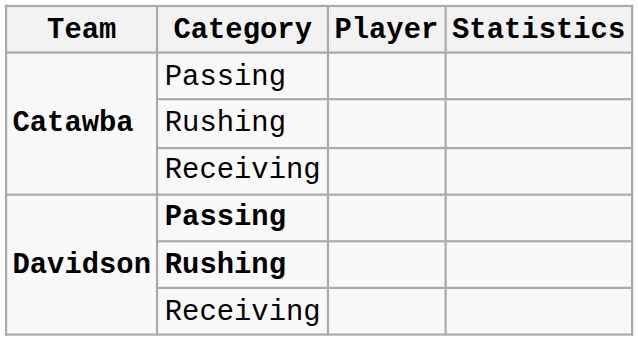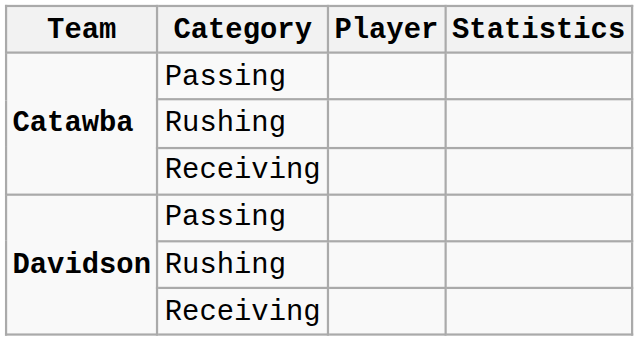 <table class="wikitable" style="float: right;">
 <tr>
 <th>Team</th>
 <th>Category</th>
 <th>Player</th>
 <th>Statistics</th>
 </tr>
 <tr>
 <td rowspan=3><strong>Catawba</strong></td>
 <td>Passing</td>
 <td></td>
 <td></td>
 </tr>
 <tr>
 <td>Rushing</td>
 <td></td>
 <td></td>
 </tr>
 <tr>
 <td>Receiving</td>
 <td></td>
 <td></td>
 </tr>
 <tr>
 <td rowspan=3><strong>Davidson</strong></td>
-<td><strong>Passing</strong></td>
+<td>Passing</td>
 <td></td>
 <td></td>
 </tr>
 <tr>
-<td><strong>Rushing</strong></td>
+<td>Rushing</td>
 <td></td>
 <td></td>
 </tr>
 <tr>
 <td>Receiving</td>
 <td></td>
 <td></td>
 </tr>
 </table>
